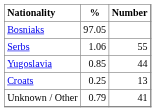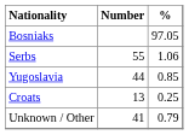 <table Border = 1 cellpadding = 4 cellspacing = 0 class = "toccolours" style = "align: left; margin: 0.5em 0 0 0; border-style: solid; border: 1px solid # 999; border-right-width: 2px; border-bottom-width: 2px; border-collapse: collapse; font-size: 100%; ">
 <tr>
 <td Style = "background: # ddffdd;"><strong>Nationality</strong></td>
+<td Colspan = 1 style = "background: # ddffdd;" align = "center"><strong>Number</strong></td>
 <td Colspan = 1 style = "background: # ddffdd;" align = "center"><strong>%</strong></td>
-<td Colspan = 1 style = "background: # ddffdd;" align = "center"><strong>Number</strong></td>
 </tr>
 <tr>
 <td Style = "background: # f3fff3;"><a href='#'>Bosniaks</a></td>
+<td Align = "right"></td>
 <td Align = "right">97.05</td>
-<td Align = "right"></td>
 </tr>
 <tr>
 <td Style = "background: # f3fff3;"><a href='#'>Serbs</a></td>
+<td Align = "right">55</td>
 <td Align = "right">1.06</td>
-<td Align = "right">55</td>
 </tr>
 <tr>
 <td Style = "background: # f3fff3;"><a href='#'>Yugoslavia</a></td>
+<td Align = "right">44</td>
 <td Align = "right">0.85</td>
-<td Align = "right">44</td>
 </tr>
 <tr>
 <td Style = "background: # f3fff3,"><a href='#'>Croats</a></td>
+<td Align = "right">13</td>
 <td Align = "right">0.25</td>
-<td Align = "right">13</td>
 </tr>
 <tr>
 <td>Unknown / Other</td>
+<td Align = "right">41</td>
 <td Align = "right">0.79</td>
-<td Align = "right">41</td>
 </tr>
 </table>
